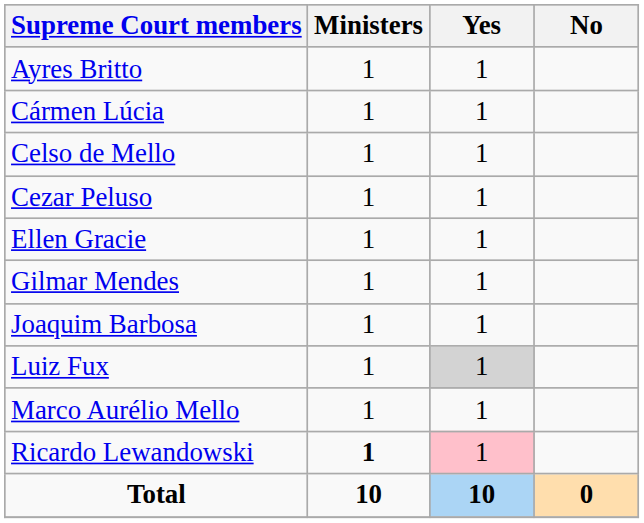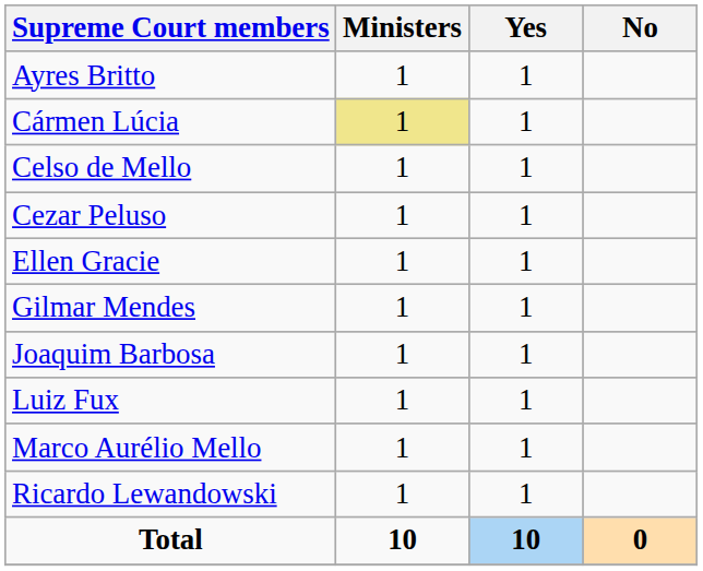 <table class="wikitable">
 <tr>
 <th><a href='#'>Supreme Court members</a></th>
 <th width="55pt">Ministers</th>
 <th width="55pt">Yes</th>
 <th width="55pt">No</th>
 </tr>
 <tr>
 <td align="left"><a href='#'>Ayres Britto</a></td>
 <td align="center">1</td>
 <td align="center">1</td>
 <td align="center"></td>
 </tr>
 <tr>
 <td align="left"><a href='#'>Cármen Lúcia</a></td>
-<td align="center">1</td>
+<td align="center" style="background: khaki;">1</td>
 <td align="center">1</td>
 <td align="center"></td>
 </tr>
 <tr>
 <td align="left"><a href='#'>Celso de Mello</a></td>
 <td align="center">1</td>
 <td align="center">1</td>
 <td align="center"></td>
 </tr>
 <tr>
 <td align="left"><a href='#'>Cezar Peluso</a></td>
 <td align="center">1</td>
 <td align="center">1</td>
 <td align="center"></td>
 </tr>
 <tr>
 <td align="left"><a href='#'>Ellen Gracie</a></td>
 <td align="center">1</td>
 <td align="center">1</td>
 <td align="center"></td>
 </tr>
 <tr>
 <td align="left"><a href='#'>Gilmar Mendes</a></td>
 <td align="center">1</td>
 <td align="center">1</td>
 <td align="center"></td>
 </tr>
 <tr>
 <td align="left"><a href='#'>Joaquim Barbosa</a></td>
 <td align="center">1</td>
 <td align="center">1</td>
 <td align="center"></td>
 </tr>
 <tr>
 <td align="left"><a href='#'>Luiz Fux</a></td>
 <td align="center">1</td>
-<td align="center" style="background: lightgrey;">1</td>
+<td align="center">1</td>
 <td align="center"></td>
 </tr>
 <tr>
 <td align="left"><a href='#'>Marco Aurélio Mello</a></td>
 <td align="center">1</td>
 <td align="center">1</td>
 <td align="center"></td>
 </tr>
 <tr>
 <td align="left"><a href='#'>Ricardo Lewandowski</a></td>
-<td align="center"><strong>1</strong></td>
-<td align="center" style="background: pink;">1</td>
+<td align="center">1</td>
+<td align="center">1</td>
 <td align="center"></td>
 </tr>
 <tr>
 <td align="center"><strong>Total</strong></td>
 <td align="center"><strong>10</strong></td>
 <td align="center" bgcolor="#abd5f5"><strong>10</strong></td>
 <td align="center" bgcolor="#FFDEAD"><strong>0</strong></td>
 </tr>
 <tr>
 </tr>
 </table>
